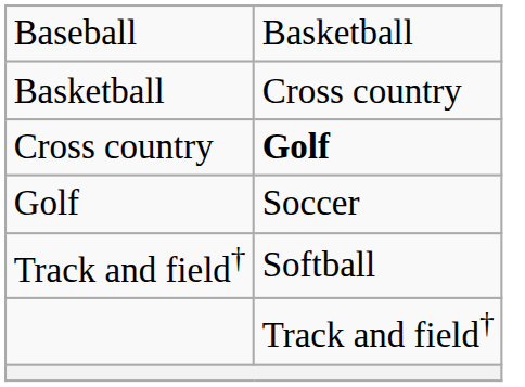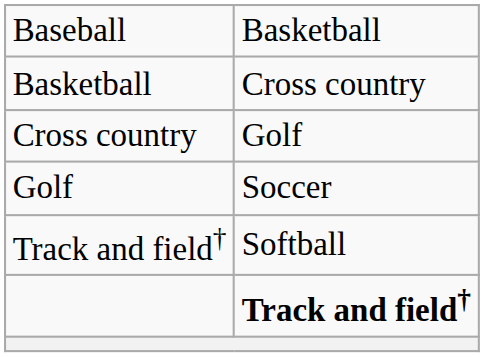 <table class="wikitable">
 <tr>
 <td>Baseball</td>
 <td>Basketball</td>
 </tr>
 <tr>
 <td>Basketball</td>
 <td>Cross country</td>
 </tr>
 <tr>
 <td>Cross country</td>
-<td><strong>Golf</strong></td>
+<td>Golf</td>
 </tr>
 <tr>
 <td>Golf</td>
 <td>Soccer</td>
 </tr>
 <tr>
 <td>Track and field<sup>†</sup></td>
 <td>Softball</td>
 </tr>
 <tr>
 <td></td>
-<td>Track and field<sup>†</sup></td>
+<td><strong>Track and field<sup>†</sup></strong></td>
 </tr>
 <tr>
 <th colspan="2"></th>
 </tr>
 </table>
